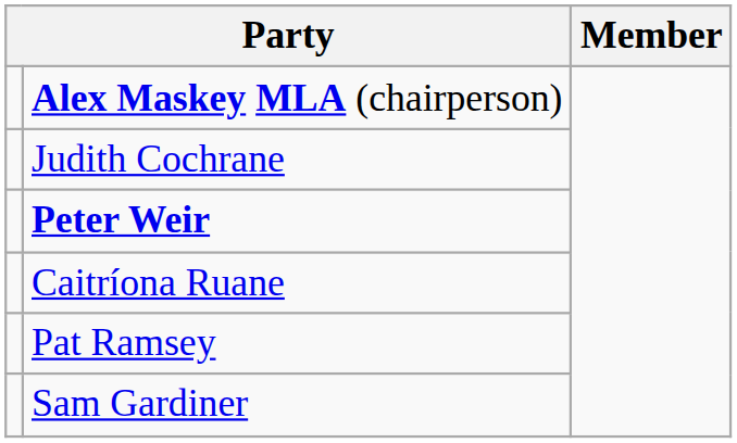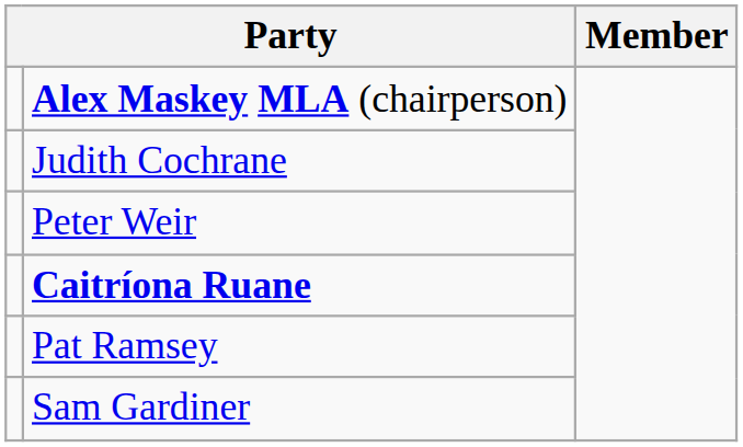 <table class="wikitable"  style="margin: 1em auto 1em auto" border="1">
 <tr>
 <th colspan="2" scope="col">Party</th>
 <th scope="col">Member</th>
 </tr>
 <tr>
 <td></td>
 <td><strong><a href='#'>Alex Maskey</a> <a href='#'>MLA</a></strong> (chairperson)</td>
 </tr>
 <tr>
 <td></td>
 <td><a href='#'>Judith Cochrane</a></td>
 </tr>
 <tr>
 <td></td>
-<td><strong><a href='#'>Peter Weir</a></strong></td>
+<td><a href='#'>Peter Weir</a></td>
 </tr>
 <tr>
 <td></td>
-<td><a href='#'>Caitríona Ruane</a></td>
+<td><strong><a href='#'>Caitríona Ruane</a></strong></td>
 </tr>
 <tr>
 <td></td>
 <td><a href='#'>Pat Ramsey</a></td>
 </tr>
 <tr>
 <td></td>
 <td><a href='#'>Sam Gardiner</a></td>
 </tr>
 </table>
